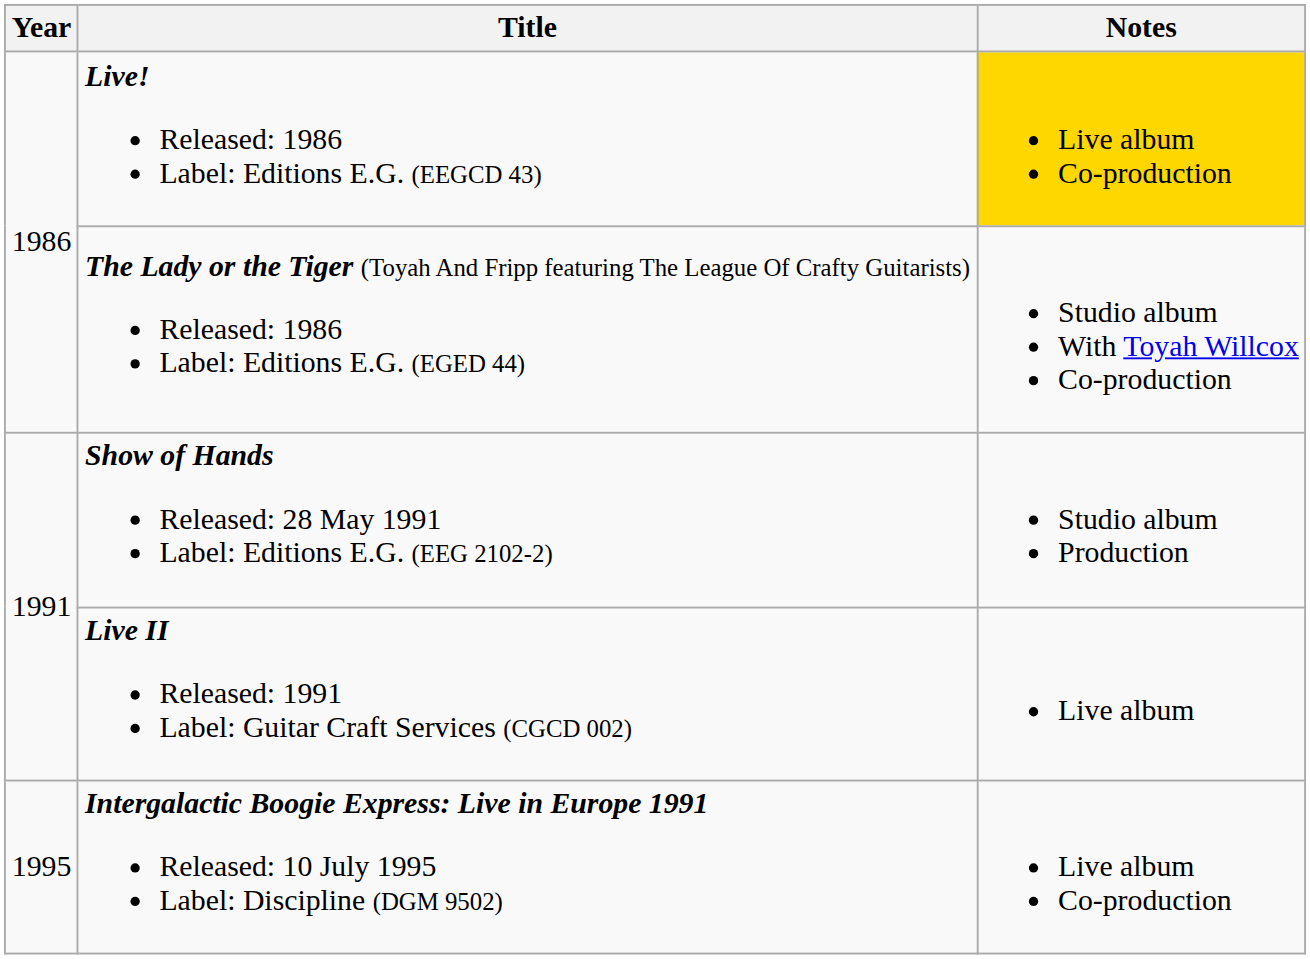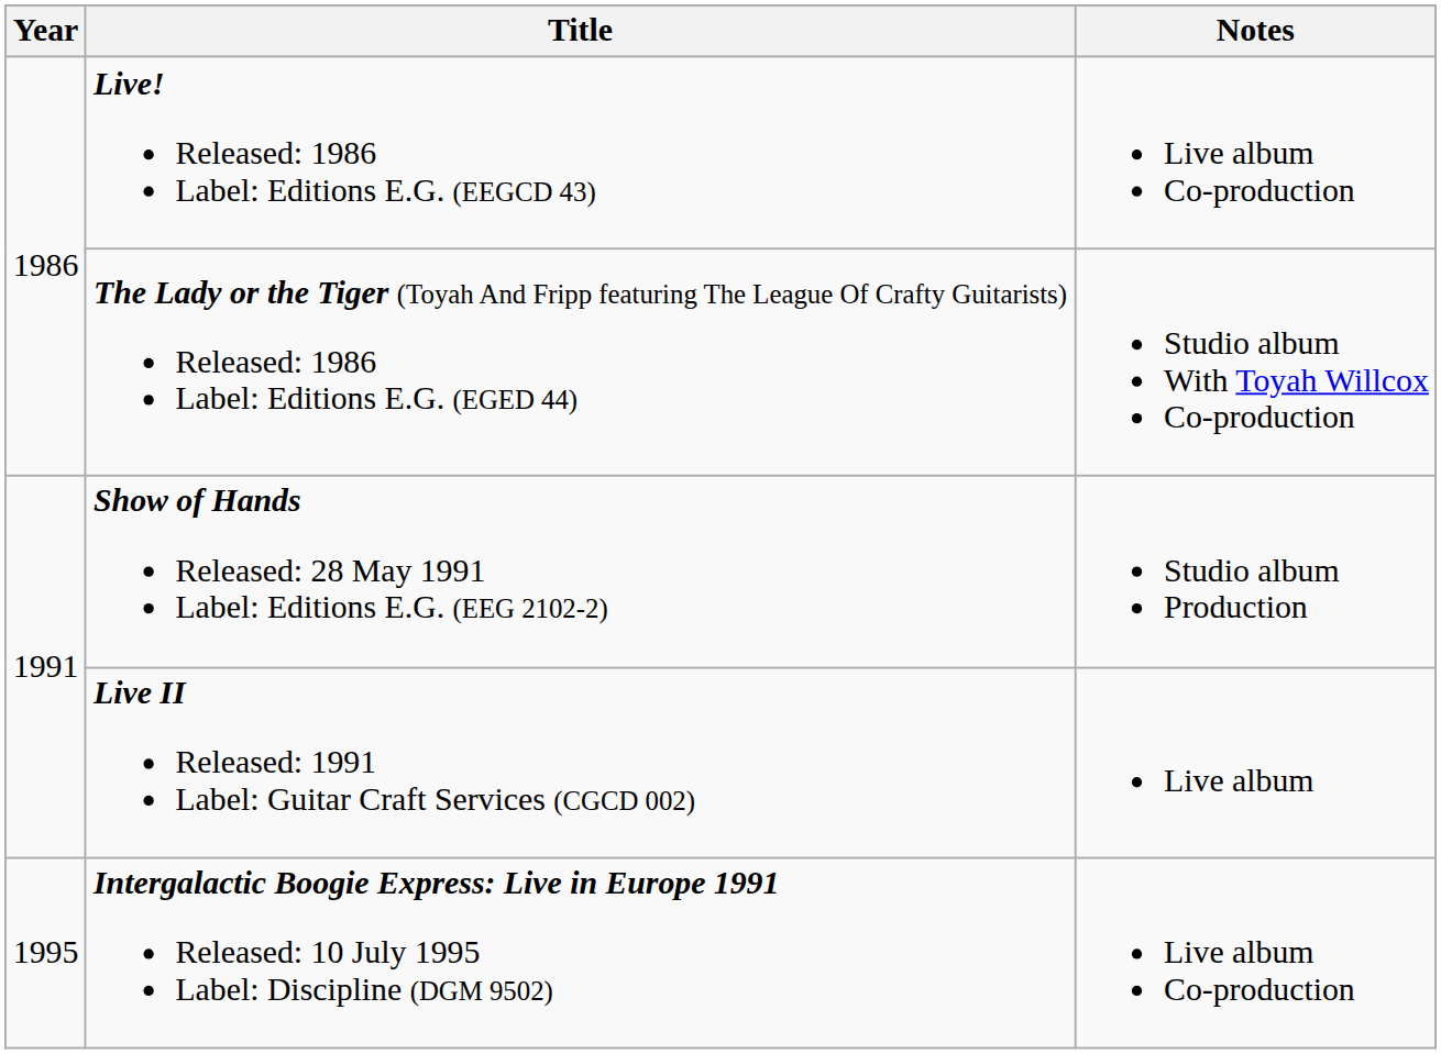 <table class="wikitable">
 <tr>
 <th>Year</th>
 <th>Title</th>
 <th>Notes</th>
 </tr>
 <tr>
 <td rowspan="2">1986</td>
 <td><strong><em>Live!</em></strong><br><ul><li>Released: 1986</li><li>Label: Editions E.G. <small>(EEGCD 43)</small></li></ul></td>
-<td style="background: gold;"><br><ul><li>Live album</li><li>Co-production</li></ul></td>
+<td><br><ul><li>Live album</li><li>Co-production</li></ul></td>
 </tr>
 <tr>
 <td><strong><em>The Lady or the Tiger</em></strong> <small>(Toyah And Fripp featuring The League Of Crafty Guitarists)</small><br><ul><li>Released: 1986</li><li>Label: Editions E.G. <small>(EGED 44)</small></li></ul></td>
 <td><br><ul><li>Studio album</li><li>With <a href='#'>Toyah Willcox</a></li><li>Co-production</li></ul></td>
 </tr>
 <tr>
 <td rowspan="2">1991</td>
 <td><strong><em>Show of Hands</em></strong><br><ul><li>Released: 28 May 1991</li><li>Label: Editions E.G. <small>(EEG 2102-2)</small></li></ul></td>
 <td><br><ul><li>Studio album</li><li>Production</li></ul></td>
 </tr>
 <tr>
 <td><strong><em>Live II</em></strong><br><ul><li>Released: 1991</li><li>Label: Guitar Craft Services <small>(CGCD 002)</small></li></ul></td>
 <td><br><ul><li>Live album</li></ul></td>
 </tr>
 <tr>
 <td>1995</td>
 <td><strong><em>Intergalactic Boogie Express: Live in Europe 1991</em></strong><br><ul><li>Released: 10 July 1995</li><li>Label: Discipline <small>(DGM 9502)</small></li></ul></td>
 <td><br><ul><li>Live album</li><li>Co-production</li></ul></td>
 </tr>
 </table>
